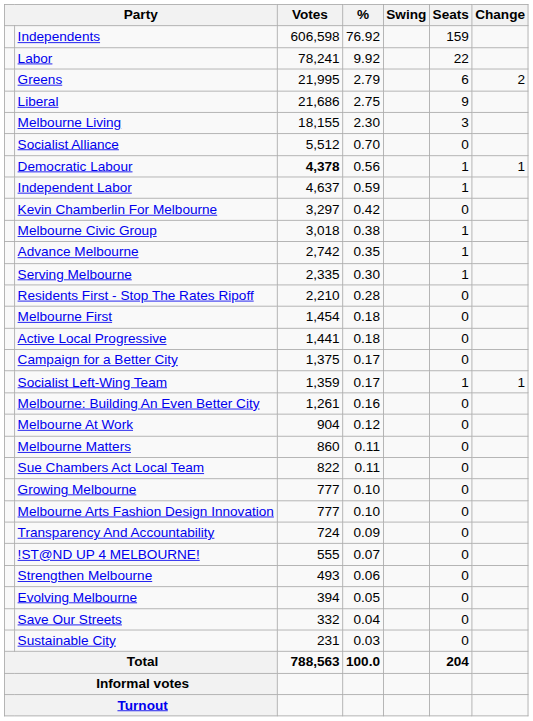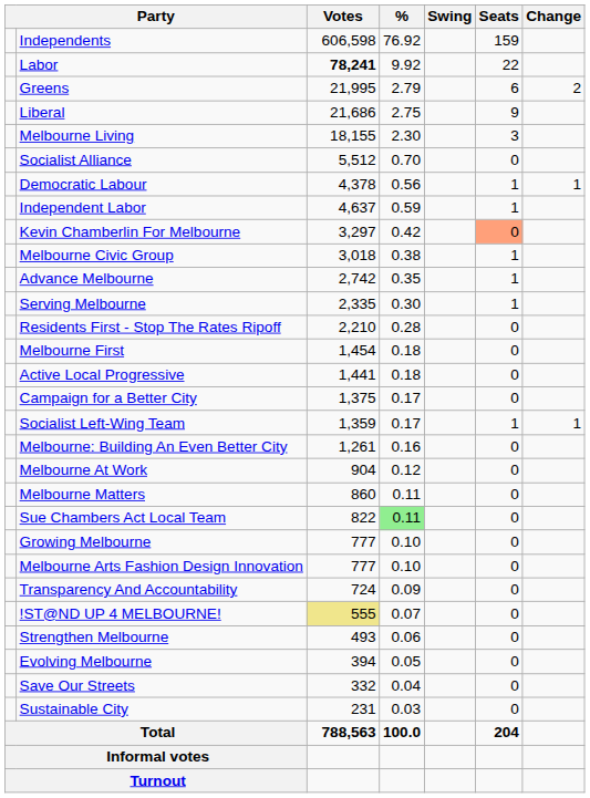 <table class="wikitable" style="text-align:right; margin-bottom:0">
 <tr>
 <th style="width:10px;" colspan=3>Party</th>
 <th style="width:70px;">Votes</th>
 <th style="width:40px;">%</th>
 <th style="width:40px;">Swing</th>
 <th style="width:40px;">Seats</th>
 <th style="width:40px;">Change</th>
 </tr>
 <tr>
 <td> </td>
 <td style="text-align:left;" colspan="2"><a href='#'>Independents</a></td>
 <td>606,598</td>
 <td>76.92</td>
 <td></td>
 <td>159</td>
 <td></td>
 </tr>
 <tr>
 <td> </td>
 <td style="text-align:left;" colspan="2"><a href='#'>Labor</a></td>
-<td>78,241</td>
+<td><strong>78,241</strong></td>
 <td>9.92</td>
 <td></td>
 <td>22</td>
 <td></td>
 </tr>
 <tr>
 <td> </td>
 <td style="text-align:left;" colspan="2"><a href='#'>Greens</a></td>
 <td>21,995</td>
 <td>2.79</td>
 <td></td>
 <td>6</td>
 <td> 2</td>
 </tr>
 <tr>
 <td> </td>
 <td style="text-align:left;" colspan="2"><a href='#'>Liberal</a></td>
 <td>21,686</td>
 <td>2.75</td>
 <td></td>
 <td>9</td>
 <td></td>
 </tr>
 <tr>
 <td> </td>
 <td style="text-align:left;" colspan="2"><a href='#'>Melbourne Living</a></td>
 <td>18,155</td>
 <td>2.30</td>
 <td></td>
 <td>3</td>
 <td></td>
 </tr>
 <tr>
 <td> </td>
 <td style="text-align:left;" colspan="2"><a href='#'>Socialist Alliance</a></td>
 <td>5,512</td>
 <td>0.70</td>
 <td></td>
 <td>0</td>
 <td></td>
 </tr>
 <tr>
 <td> </td>
 <td style="text-align:left;" colspan="2"><a href='#'>Democratic Labour</a></td>
-<td><strong>4,378</strong></td>
+<td>4,378</td>
 <td>0.56</td>
 <td></td>
 <td>1</td>
 <td> 1</td>
 </tr>
 <tr>
 <td> </td>
 <td style="text-align:left;" colspan="2"><a href='#'>Independent Labor</a></td>
 <td>4,637</td>
 <td>0.59</td>
 <td></td>
 <td>1</td>
 <td></td>
 </tr>
 <tr>
 <td> </td>
 <td style="text-align:left;" colspan="2"><a href='#'>Kevin Chamberlin For Melbourne</a></td>
 <td>3,297</td>
 <td>0.42</td>
 <td></td>
-<td>0</td>
+<td style="background: lightsalmon;">0</td>
 <td></td>
 </tr>
 <tr>
 <td> </td>
 <td style="text-align:left;" colspan="2"><a href='#'>Melbourne Civic Group</a></td>
 <td>3,018</td>
 <td>0.38</td>
 <td></td>
 <td>1</td>
 <td></td>
 </tr>
 <tr>
 <td> </td>
 <td style="text-align:left;" colspan="2"><a href='#'>Advance Melbourne</a></td>
 <td>2,742</td>
 <td>0.35</td>
 <td></td>
 <td>1</td>
 <td></td>
 </tr>
 <tr>
 <td> </td>
 <td style="text-align:left;" colspan="2"><a href='#'>Serving Melbourne</a></td>
 <td>2,335</td>
 <td>0.30</td>
 <td></td>
 <td>1</td>
 <td></td>
 </tr>
 <tr>
 <td> </td>
 <td style="text-align:left;" colspan="2"><a href='#'>Residents First - Stop The Rates Ripoff</a></td>
 <td>2,210</td>
 <td>0.28</td>
 <td></td>
 <td>0</td>
 <td></td>
 </tr>
 <tr>
 <td> </td>
 <td style="text-align:left;" colspan="2"><a href='#'>Melbourne First</a></td>
 <td>1,454</td>
 <td>0.18</td>
 <td></td>
 <td>0</td>
 <td></td>
 </tr>
 <tr>
 <td> </td>
 <td style="text-align:left;" colspan="2"><a href='#'>Active Local Progressive</a></td>
 <td>1,441</td>
 <td>0.18</td>
 <td></td>
 <td>0</td>
 <td></td>
 </tr>
 <tr>
 <td> </td>
 <td style="text-align:left;" colspan="2"><a href='#'>Campaign for a Better City</a></td>
 <td>1,375</td>
 <td>0.17</td>
 <td></td>
 <td>0</td>
 <td></td>
 </tr>
 <tr>
 <td> </td>
 <td style="text-align:left;" colspan="2"><a href='#'>Socialist Left-Wing Team</a></td>
 <td>1,359</td>
 <td>0.17</td>
 <td></td>
 <td>1</td>
 <td> 1</td>
 </tr>
 <tr>
 <td> </td>
 <td style="text-align:left;" colspan="2"><a href='#'>Melbourne: Building An Even Better City</a></td>
 <td>1,261</td>
 <td>0.16</td>
 <td></td>
 <td>0</td>
 <td></td>
 </tr>
 <tr>
 <td> </td>
 <td style="text-align:left;" colspan="2"><a href='#'>Melbourne At Work</a></td>
 <td>904</td>
 <td>0.12</td>
 <td></td>
 <td>0</td>
 <td></td>
 </tr>
 <tr>
 <td> </td>
 <td style="text-align:left;" colspan="2"><a href='#'>Melbourne Matters</a></td>
 <td>860</td>
 <td>0.11</td>
 <td></td>
 <td>0</td>
 <td></td>
 </tr>
 <tr>
 <td> </td>
 <td style="text-align:left;" colspan="2"><a href='#'>Sue Chambers Act Local Team</a></td>
 <td>822</td>
-<td>0.11</td>
+<td style="background: lightgreen;">0.11</td>
 <td></td>
 <td>0</td>
 <td></td>
 </tr>
 <tr>
 <td> </td>
 <td style="text-align:left;" colspan="2"><a href='#'>Growing Melbourne</a></td>
 <td>777</td>
 <td>0.10</td>
 <td></td>
 <td>0</td>
 <td></td>
 </tr>
 <tr>
 <td> </td>
 <td style="text-align:left;" colspan="2"><a href='#'>Melbourne Arts Fashion Design Innovation</a></td>
 <td>777</td>
 <td>0.10</td>
 <td></td>
 <td>0</td>
 <td></td>
 </tr>
 <tr>
 <td> </td>
 <td style="text-align:left;" colspan="2"><a href='#'>Transparency And Accountability</a></td>
 <td>724</td>
 <td>0.09</td>
 <td></td>
 <td>0</td>
 <td></td>
 </tr>
 <tr>
 <td> </td>
 <td style="text-align:left;" colspan="2"><a href='#'>!ST@ND UP 4 MELBOURNE!</a></td>
-<td>555</td>
+<td style="background: khaki;">555</td>
 <td>0.07</td>
 <td></td>
 <td>0</td>
 <td></td>
 </tr>
 <tr>
 <td> </td>
 <td style="text-align:left;" colspan="2"><a href='#'>Strengthen Melbourne</a></td>
 <td>493</td>
 <td>0.06</td>
 <td></td>
 <td>0</td>
 <td></td>
 </tr>
 <tr>
 <td> </td>
 <td style="text-align:left;" colspan="2"><a href='#'>Evolving Melbourne</a></td>
 <td>394</td>
 <td>0.05</td>
 <td></td>
 <td>0</td>
 <td></td>
 </tr>
 <tr>
 <td> </td>
 <td style="text-align:left;" colspan="2"><a href='#'>Save Our Streets</a></td>
 <td>332</td>
 <td>0.04</td>
 <td></td>
 <td>0</td>
 <td></td>
 </tr>
 <tr>
 <td> </td>
 <td style="text-align:left;" colspan="2"><a href='#'>Sustainable City</a></td>
 <td>231</td>
 <td>0.03</td>
 <td></td>
 <td>0</td>
 <td></td>
 </tr>
 <tr>
 <th colspan="3"> Total</th>
 <td><strong>788,563</strong></td>
 <td><strong>100.0</strong></td>
 <td></td>
 <td><strong>204</strong></td>
 <td></td>
 </tr>
 <tr>
 <th colspan="3"> Informal votes</th>
 <td></td>
 <td></td>
 <td></td>
 <td></td>
 <td></td>
 </tr>
 <tr>
 <th colspan="3"> <a href='#'>Turnout</a></th>
 <td></td>
 <td></td>
 <td></td>
 <td></td>
 <td></td>
 </tr>
 </table>
